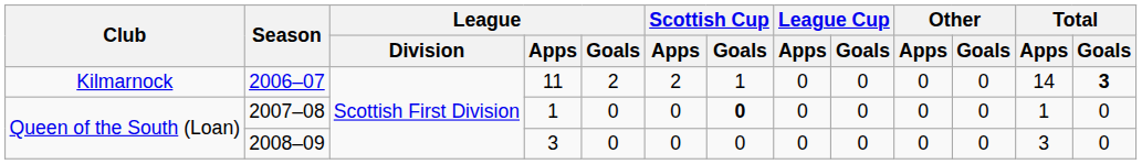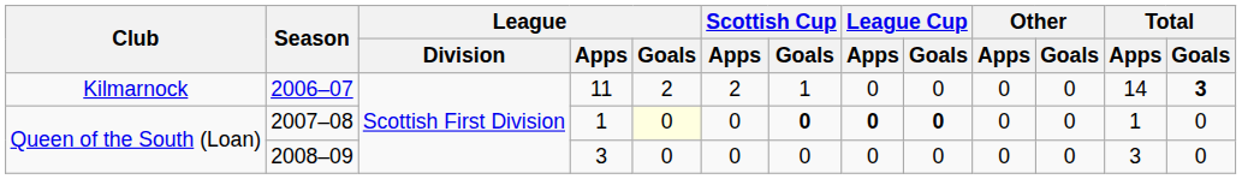 <table class="wikitable" style="text-align:center">
 <tr>
 <th rowspan="2">Club</th>
 <th rowspan="2">Season</th>
 <th colspan="3">League</th>
 <th colspan="2"><a href='#'>Scottish Cup</a></th>
 <th colspan="2"><a href='#'>League Cup</a></th>
 <th colspan="2">Other</th>
 <th colspan="2">Total</th>
 </tr>
 <tr>
 <th>Division</th>
 <th>Apps</th>
 <th>Goals</th>
 <th>Apps</th>
 <th>Goals</th>
 <th>Apps</th>
 <th>Goals</th>
 <th>Apps</th>
 <th>Goals</th>
 <th>Apps</th>
 <th>Goals</th>
 </tr>
 <tr>
 <td><a href='#'>Kilmarnock</a></td>
 <td><a href='#'>2006–07</a></td>
 <td rowspan="3"><a href='#'>Scottish First Division</a></td>
 <td>11</td>
 <td>2</td>
 <td>2</td>
 <td>1</td>
 <td>0</td>
 <td>0</td>
 <td>0</td>
 <td>0</td>
 <td>14</td>
 <td><strong>3</strong></td>
 </tr>
 <tr>
 <td rowspan="2"><a href='#'>Queen of the South</a> (Loan)</td>
 <td>2007–08</td>
 <td>1</td>
-<td>0</td>
+<td style="background: lightyellow;">0</td>
 <td>0</td>
 <td><strong>0</strong></td>
-<td>0</td>
-<td>0</td>
+<td><strong>0</strong></td>
+<td><strong>0</strong></td>
 <td>0</td>
 <td>0</td>
 <td>1</td>
 <td>0</td>
 </tr>
 <tr>
 <td>2008–09</td>
 <td>3</td>
 <td>0</td>
 <td>0</td>
 <td>0</td>
 <td>0</td>
 <td>0</td>
 <td>0</td>
 <td>0</td>
 <td>3</td>
 <td>0</td>
 </tr>
 </table>
